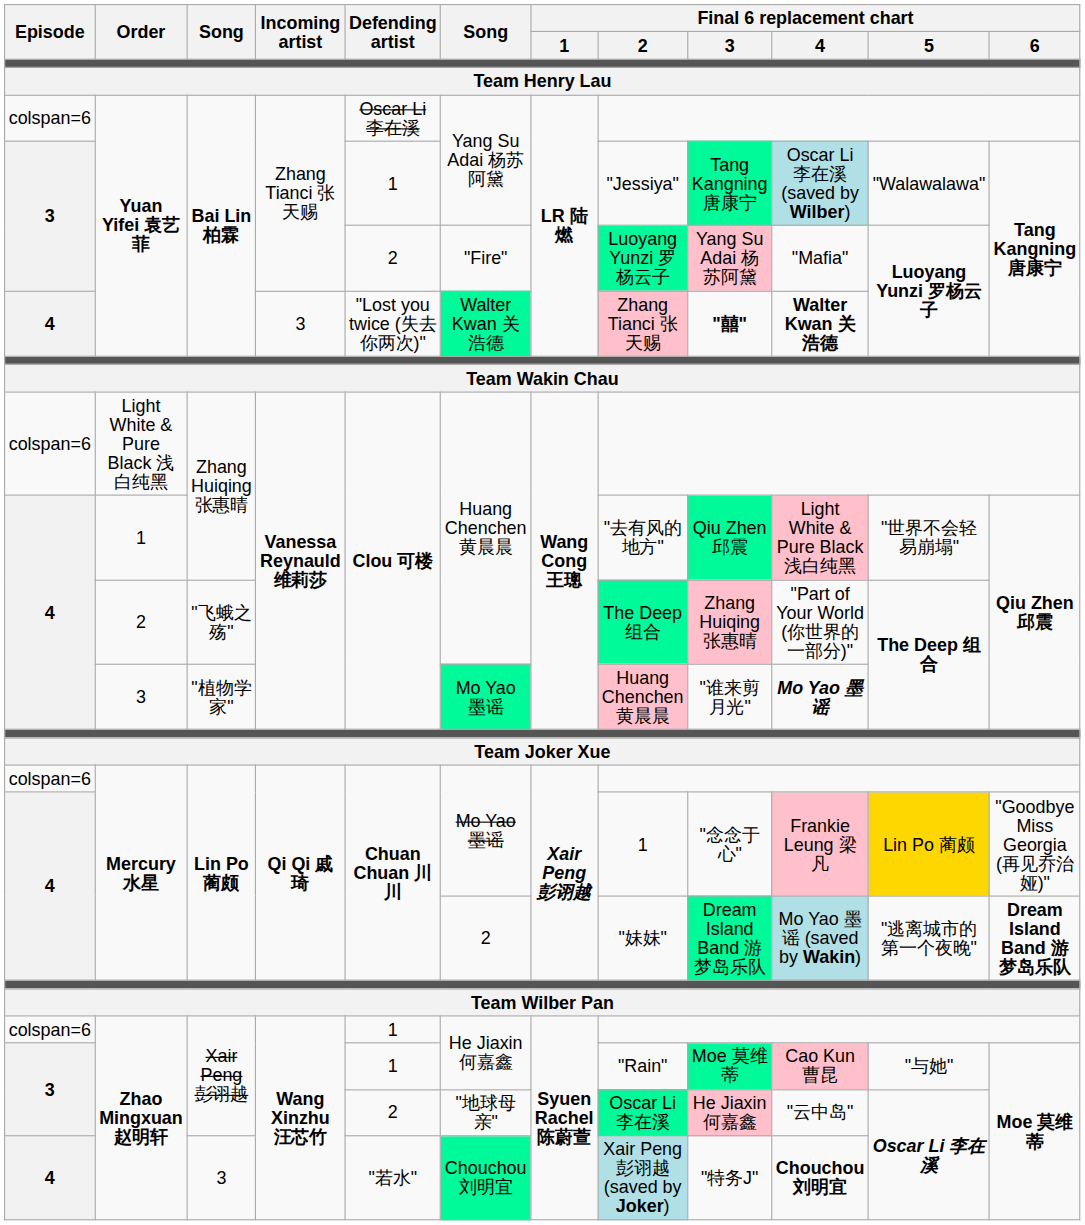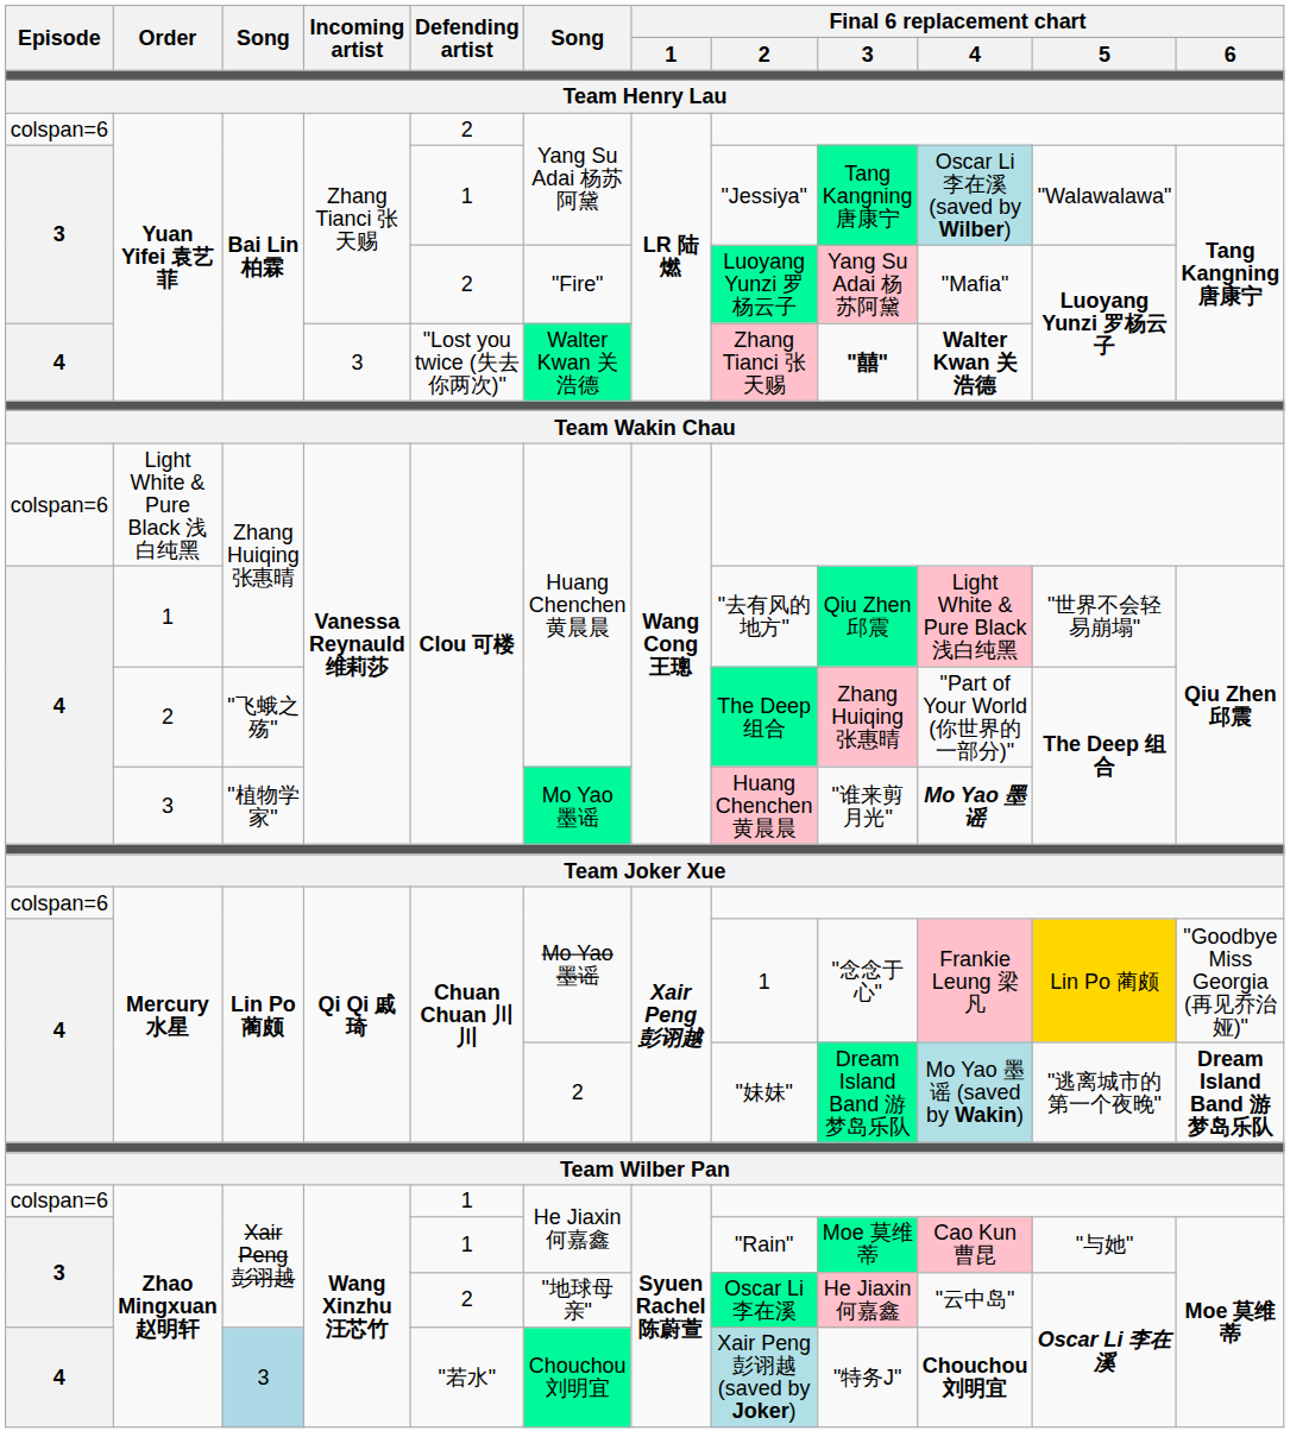 <table class="wikitable" style="text-align: center; line-height:17px; width:100%;">
 <tr>
 <th rowspan=2 style="width:4%;">Episode</th>
 <th rowspan=2 style="width:2%;">Order</th>
 <th rowspan=2 style="width:13%;">Song</th>
 <th rowspan=2 style="width:13%;">Incoming artist</th>
 <th rowspan=2 style="width:13%;">Defending artist</th>
 <th rowspan=2 style="width:13%;">Song</th>
 <th colspan=6>Final 6 replacement chart</th>
 </tr>
 <tr>
 <th style="width:7%;">1</th>
 <th style="width:7%;">2</th>
 <th style="width:7%;">3</th>
 <th style="width:7%;">4</th>
 <th style="width:7%;">5</th>
 <th style="width:7%;">6</th>
 </tr>
 <tr>
 <td colspan="12" style="background:#555;"></td>
 </tr>
 <tr>
 <th colspan=12>Team Henry Lau</th>
 </tr>
 <tr>
 <td>colspan=6 </td>
 <td rowspan=4><strong>Yuan Yifei 袁艺菲</strong></td>
 <td rowspan=4><strong>Bai Lin 柏霖</strong></td>
 <td rowspan=3>Zhang Tianci 张天赐</td>
-<td><s>Oscar Li 李在溪</s></td>
+<td>2</td>
 <td rowspan=2>Yang Su Adai 杨苏阿黛</td>
 <td rowspan=4><strong>LR 陆燃</strong></td>
 </tr>
 <tr>
 <th rowspan=2>3</th>
 <td>1</td>
 <td>"Jessiya"</td>
 <td style="background:#00fa9a;">Tang Kangning 唐康宁</td>
 <td style="background:#b0e0e6;">Oscar Li 李在溪 (saved by <strong>Wilber</strong>)</td>
 <td>"Walawalawa"</td>
 <td rowspan=3><strong>Tang Kangning 唐康宁</strong></td>
 </tr>
 <tr>
 <td>2</td>
 <td>"Fire"</td>
 <td style="background:#00fa9a;">Luoyang Yunzi 罗杨云子</td>
 <td style="background:pink;">Yang Su Adai 杨苏阿黛</td>
 <td>"Mafia"</td>
 <td rowspan=2><strong>Luoyang Yunzi 罗杨云子</strong></td>
 </tr>
 <tr>
 <th>4</th>
 <td>3</td>
 <td>"Lost you twice (失去你两次)"</td>
 <td style="background:#00fa9a;">Walter Kwan 关浩德</td>
 <td style="background:pink;">Zhang Tianci 张天赐</td>
 <td><strong>"囍"</strong></td>
 <td><strong>Walter Kwan 关浩德</strong></td>
 </tr>
 <tr>
 <td colspan="12" style="background:#555;"></td>
 </tr>
 <tr>
 <th colspan=12>Team Wakin Chau</th>
 </tr>
 <tr>
 <td>colspan=6 </td>
 <td>Light White & Pure Black 浅白纯黑</td>
 <td rowspan=2>Zhang Huiqing 张惠晴</td>
 <td rowspan=4><strong>Vanessa Reynauld 维莉莎</strong></td>
 <td rowspan=4><strong>Clou 可楼</strong></td>
 <td rowspan=3>Huang Chenchen 黄晨晨</td>
 <td rowspan=4><strong>Wang Cong 王璁</strong></td>
 </tr>
 <tr>
 <th rowspan=3>4</th>
 <td>1</td>
 <td>"去有风的地方"</td>
 <td style="background:#00fa9a;">Qiu Zhen 邱震</td>
 <td style="background:pink;">Light White & Pure Black 浅白纯黑</td>
 <td>"世界不会轻易崩塌"</td>
 <td rowspan=3><strong>Qiu Zhen 邱震</strong></td>
 </tr>
 <tr>
 <td>2</td>
 <td>"飞蛾之殇"</td>
 <td style="background:#00fa9a;">The Deep 组合</td>
 <td style="background:pink;">Zhang Huiqing 张惠晴</td>
 <td>"Part of Your World (你世界的一部分)"</td>
 <td rowspan=2><strong>The Deep 组合</strong></td>
 </tr>
 <tr>
 <td>3</td>
 <td>"植物学家"</td>
 <td style="background:#00fa9a;">Mo Yao 墨谣</td>
 <td style="background:pink;">Huang Chenchen 黄晨晨</td>
 <td>"谁来剪月光"</td>
 <td><strong> <em>Mo Yao 墨谣</em> </strong></td>
 </tr>
 <tr>
 <td colspan="12" style="background:#555;"></td>
 </tr>
 <tr>
 <th colspan=12>Team Joker Xue</th>
 </tr>
 <tr>
 <td>colspan=6 </td>
 <td rowspan=3><strong>Mercury 水星</strong></td>
 <td rowspan=3><strong>Lin Po 蔺颇</strong></td>
 <td rowspan=3><strong>Qi Qi 戚琦</strong></td>
 <td rowspan=3><strong>Chuan Chuan 川川</strong></td>
 <td rowspan=2><s>Mo Yao 墨谣</s></td>
 <td rowspan=3><strong> <em>Xair Peng 彭诩越</em> </strong></td>
 </tr>
 <tr>
 <th rowspan=2>4</th>
 <td>1</td>
 <td>"念念于心"</td>
 <td style="background:pink;">Frankie Leung 梁凡</td>
 <td style="background:gold;">Lin Po 蔺颇</td>
 <td>"Goodbye Miss Georgia (再见乔治娅)"</td>
 </tr>
 <tr>
 <td>2</td>
 <td>"妹妹"</td>
 <td style="background:#00fa9a;">Dream Island Band 游梦岛乐队</td>
 <td style="background:#b0e0e6;">Mo Yao 墨谣 (saved by <strong>Wakin</strong>)</td>
 <td>"逃离城市的第一个夜晚"</td>
 <td><strong>Dream Island Band 游梦岛乐队</strong></td>
 </tr>
 <tr>
 <td colspan="12" style="background:#555;"></td>
 </tr>
 <tr>
 <th colspan=12>Team Wilber Pan</th>
 </tr>
 <tr>
 <td>colspan=6 </td>
 <td rowspan=4><strong>Zhao Mingxuan 赵明轩</strong></td>
 <td rowspan=3><s>Xair Peng 彭诩越</s></td>
 <td rowspan=4><strong>Wang Xinzhu 汪芯竹</strong></td>
 <td>1</td>
 <td rowspan=2>He Jiaxin 何嘉鑫</td>
 <td rowspan=4><strong>Syuen Rachel 陈蔚萱</strong></td>
 </tr>
 <tr>
 <th rowspan=2>3</th>
 <td>1</td>
 <td>"Rain"</td>
 <td style="background:#00fa9a;">Moe 莫维蒂</td>
 <td style="background:pink;">Cao Kun 曹昆</td>
 <td>"与她"</td>
 <td rowspan=3><strong>Moe 莫维蒂</strong></td>
 </tr>
 <tr>
 <td>2</td>
 <td>"地球母亲"</td>
 <td style="background:#00fa9a;">Oscar Li 李在溪</td>
 <td style="background:pink;">He Jiaxin 何嘉鑫</td>
 <td>"云中岛"</td>
 <td rowspan=2><strong> <em>Oscar Li 李在溪</em> </strong></td>
 </tr>
 <tr>
 <th rowspan=1>4</th>
-<td>3</td>
+<td style="background: lightblue;">3</td>
 <td>"若水"</td>
 <td style="background:#00fa9a;">Chouchou 刘明宜</td>
 <td style="background:#b0e0e6;">Xair Peng 彭诩越 (saved by <strong>Joker</strong>)</td>
 <td>"特务J"</td>
 <td><strong>Chouchou 刘明宜</strong></td>
 </tr>
 </table>
